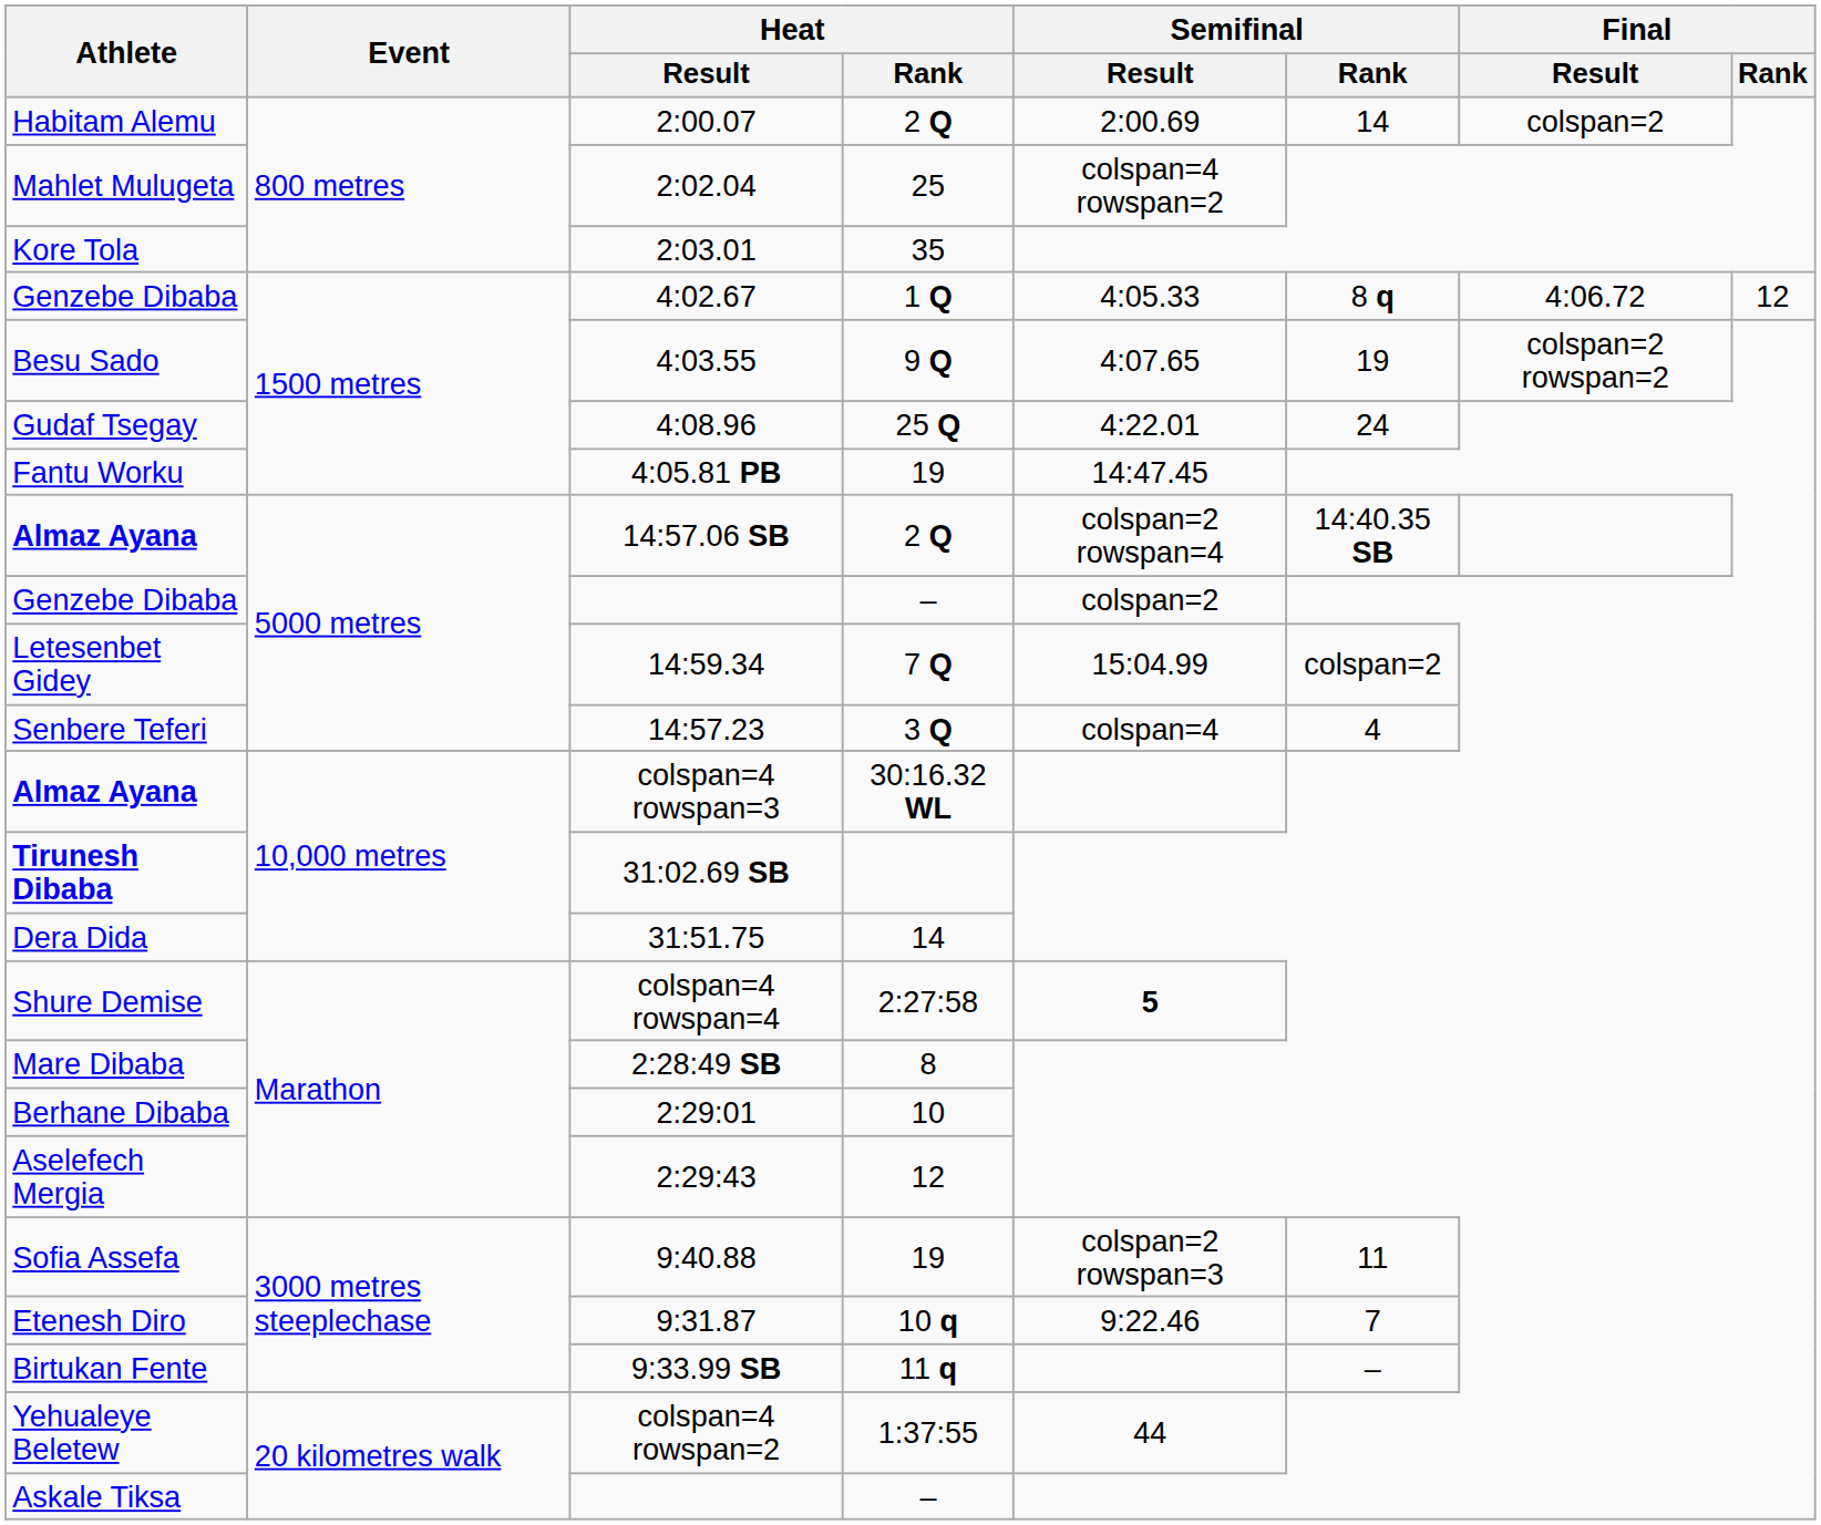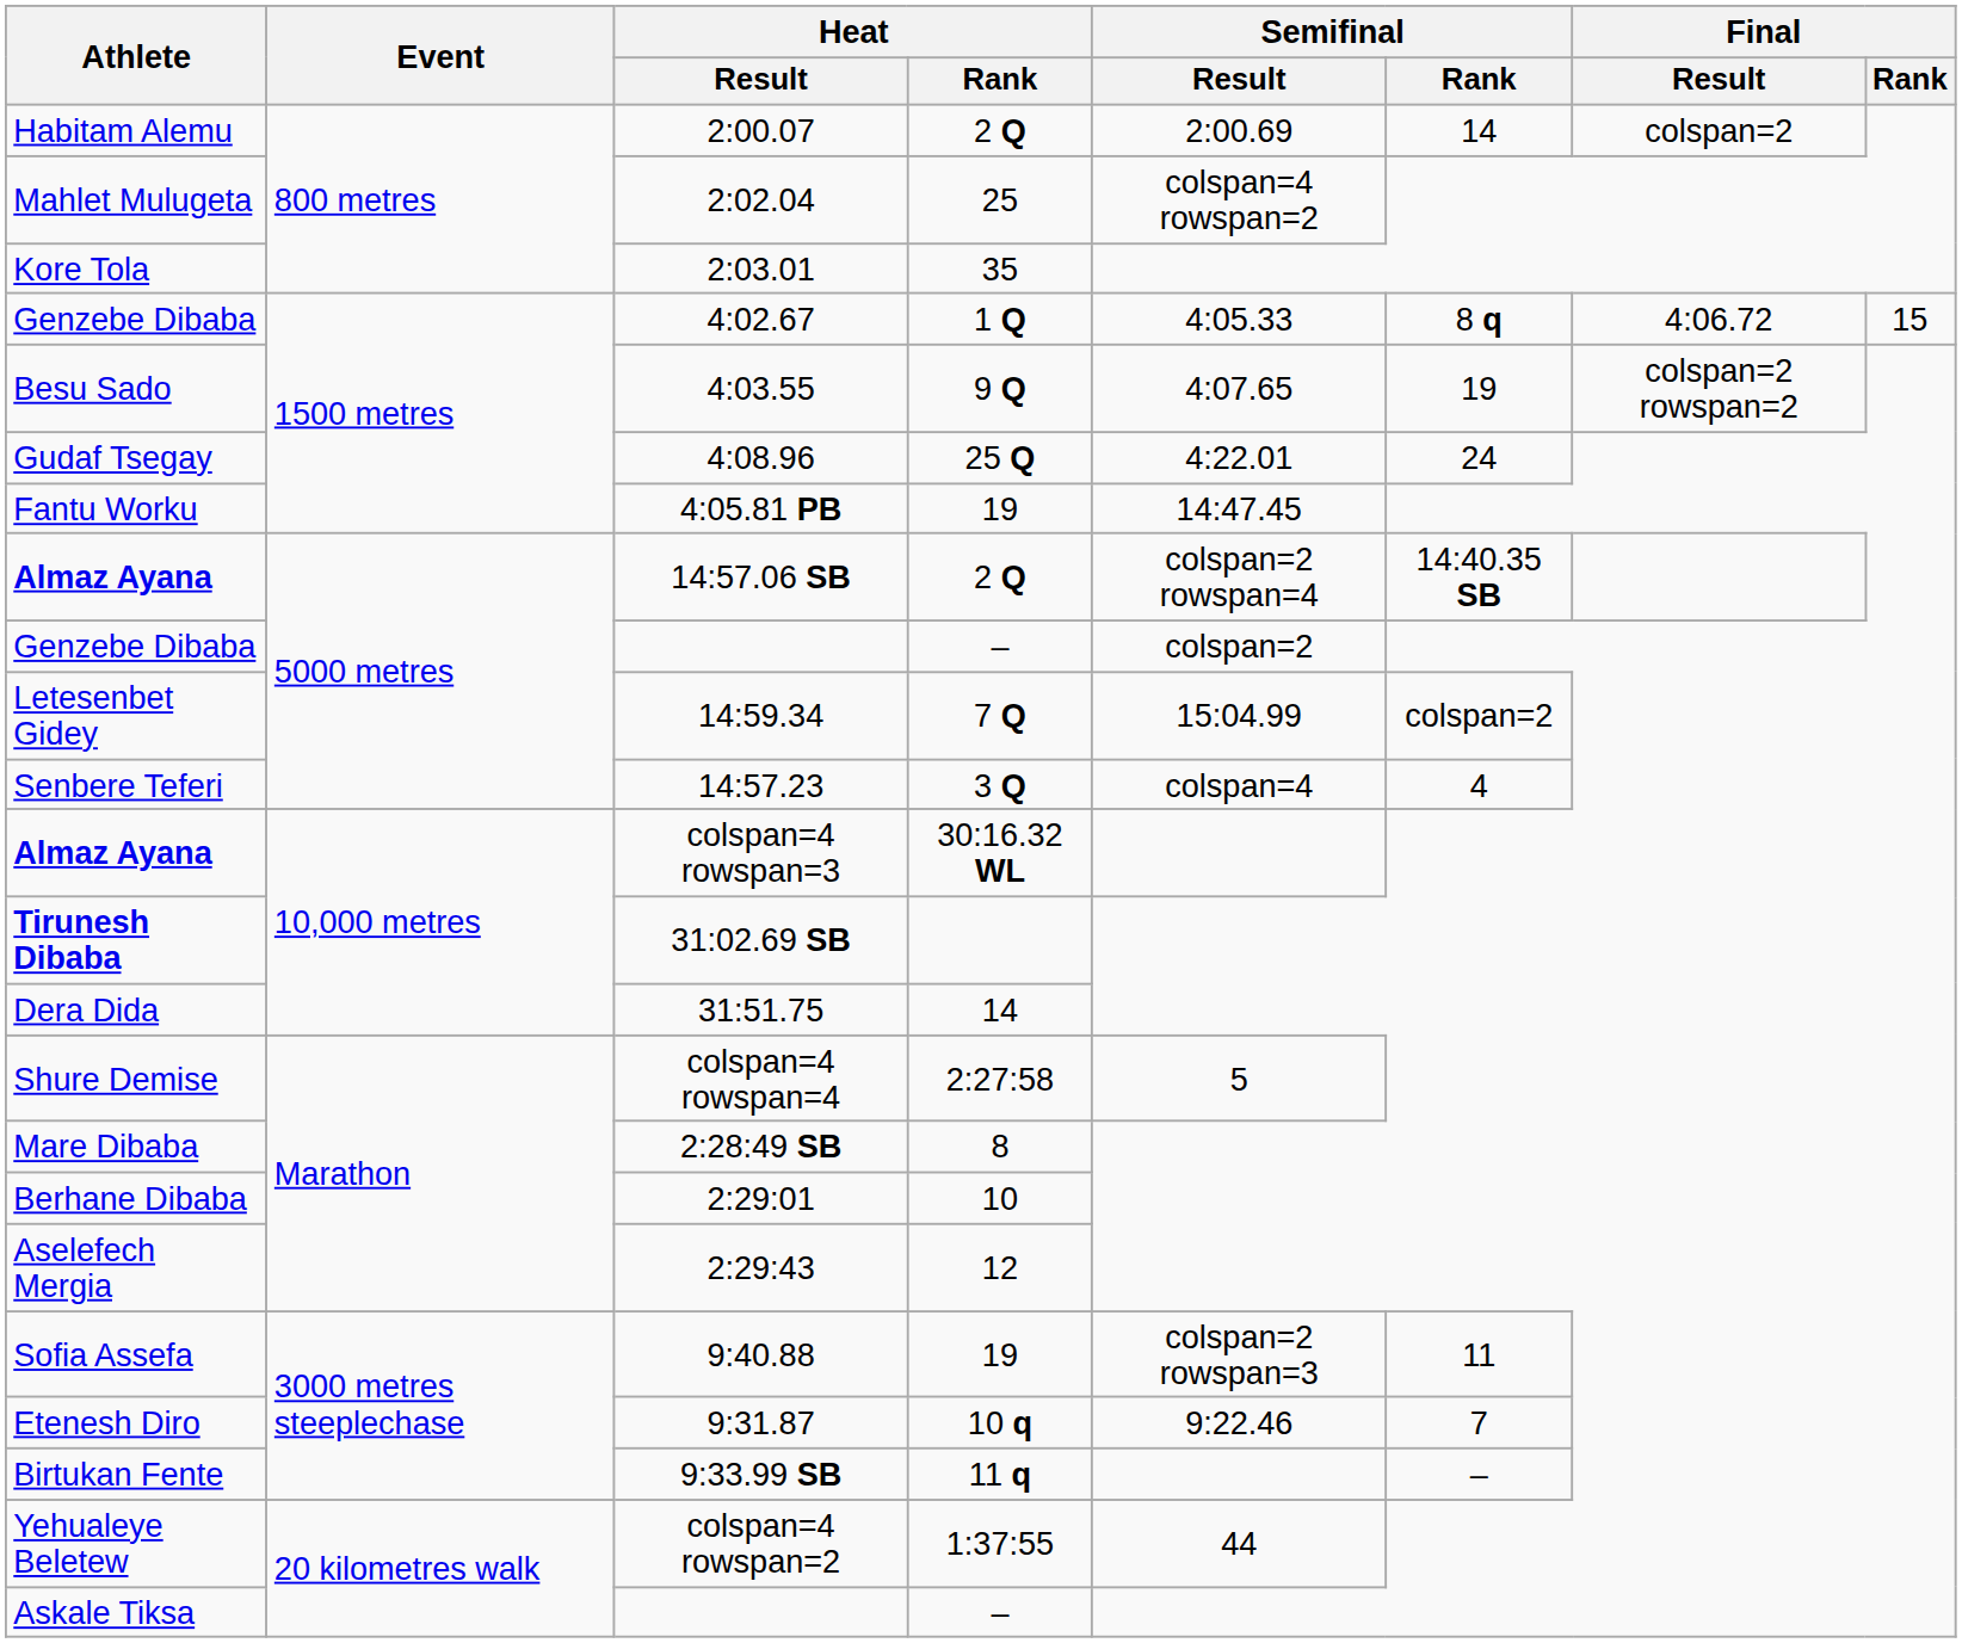 <table class="wikitable" style="font-size:90%">
 <tr>
 <th rowspan="2">Athlete</th>
 <th rowspan="2">Event</th>
 <th colspan="2">Heat</th>
 <th colspan="2">Semifinal</th>
 <th colspan="2">Final</th>
 </tr>
 <tr style="font-size:95%">
 <th>Result</th>
 <th>Rank</th>
 <th>Result</th>
 <th>Rank</th>
 <th>Result</th>
 <th>Rank</th>
 </tr>
 <tr style=text-align:center>
 <td style=text-align:left><a href='#'>Habitam Alemu</a></td>
 <td style=text-align:left rowspan=3><a href='#'>800 metres</a></td>
 <td>2:00.07</td>
 <td>2 <strong>Q</strong></td>
 <td>2:00.69</td>
 <td>14</td>
 <td>colspan=2 </td>
 </tr>
 <tr style=text-align:center>
 <td style=text-align:left><a href='#'>Mahlet Mulugeta</a></td>
 <td>2:02.04</td>
 <td>25</td>
 <td>colspan=4 rowspan=2 </td>
 </tr>
 <tr style=text-align:center>
 <td style=text-align:left><a href='#'>Kore Tola</a></td>
 <td>2:03.01</td>
 <td>35</td>
 </tr>
 <tr style=text-align:center>
 <td style=text-align:left><a href='#'>Genzebe Dibaba</a></td>
 <td style=text-align:left rowspan=4><a href='#'>1500 metres</a></td>
 <td>4:02.67</td>
 <td>1 <strong>Q</strong></td>
 <td>4:05.33</td>
 <td>8 <strong>q</strong></td>
 <td>4:06.72</td>
-<td>12</td>
+<td>15</td>
 </tr>
 <tr style=text-align:center>
 <td style=text-align:left><a href='#'>Besu Sado</a></td>
 <td>4:03.55</td>
 <td>9 <strong>Q</strong></td>
 <td>4:07.65</td>
 <td>19</td>
 <td>colspan=2 rowspan=2 </td>
 </tr>
 <tr style=text-align:center>
 <td style=text-align:left><a href='#'>Gudaf Tsegay</a></td>
 <td>4:08.96</td>
 <td>25 <strong>Q</strong></td>
 <td>4:22.01</td>
 <td>24</td>
 </tr>
 <tr style=text-align:center>
 <td style=text-align:left><a href='#'>Fantu Worku</a></td>
 <td>4:05.81 <strong>PB</strong></td>
 <td>19</td>
 <td>14:47.45</td>
 </tr>
 <tr style=text-align:center>
 <td style=text-align:left><strong><a href='#'>Almaz Ayana</a></strong></td>
 <td style=text-align:left rowspan=4><a href='#'>5000 metres</a></td>
 <td>14:57.06 <strong>SB</strong></td>
 <td>2 <strong>Q</strong></td>
 <td>colspan=2 rowspan=4 </td>
 <td>14:40.35 <strong>SB</strong></td>
 <td></td>
 </tr>
 <tr style=text-align:center>
 <td style=text-align:left><a href='#'>Genzebe Dibaba</a></td>
 <td></td>
 <td>–</td>
 <td>colspan=2 </td>
 </tr>
 <tr style=text-align:center>
 <td style=text-align:left><a href='#'>Letesenbet Gidey</a></td>
 <td>14:59.34</td>
 <td>7 <strong>Q</strong></td>
 <td>15:04.99</td>
 <td>colspan=2 </td>
 </tr>
 <tr style=text-align:center>
 <td style=text-align:left><a href='#'>Senbere Teferi</a></td>
 <td>14:57.23</td>
 <td>3 <strong>Q</strong></td>
 <td>colspan=4 </td>
 <td>4</td>
 </tr>
 <tr style=text-align:center>
 <td style=text-align:left><strong><a href='#'>Almaz Ayana</a></strong></td>
 <td style=text-align:left rowspan=3><a href='#'>10,000 metres</a></td>
 <td>colspan=4 rowspan=3 </td>
 <td>30:16.32 <strong>WL</strong></td>
 <td></td>
 </tr>
 <tr style=text-align:center>
 <td style=text-align:left><strong><a href='#'>Tirunesh Dibaba</a></strong></td>
 <td>31:02.69 <strong>SB</strong></td>
 <td></td>
 </tr>
 <tr style=text-align:center>
 <td style=text-align:left><a href='#'>Dera Dida</a></td>
 <td>31:51.75</td>
 <td>14</td>
 </tr>
 <tr style=text-align:center>
 <td style=text-align:left><a href='#'>Shure Demise</a></td>
 <td style=text-align:left rowspan=4><a href='#'>Marathon</a></td>
 <td>colspan=4 rowspan=4 </td>
 <td>2:27:58</td>
-<td><strong>5</strong></td>
+<td>5</td>
 </tr>
 <tr style=text-align:center>
 <td style=text-align:left><a href='#'>Mare Dibaba</a></td>
 <td>2:28:49 <strong>SB</strong></td>
 <td>8</td>
 </tr>
 <tr style=text-align:center>
 <td style=text-align:left><a href='#'>Berhane Dibaba</a></td>
 <td>2:29:01</td>
 <td>10</td>
 </tr>
 <tr style=text-align:center>
 <td style=text-align:left><a href='#'>Aselefech Mergia</a></td>
 <td>2:29:43</td>
 <td>12</td>
 </tr>
 <tr style=text-align:center>
 <td style=text-align:left><a href='#'>Sofia Assefa</a></td>
 <td style=text-align:left rowspan=3><a href='#'>3000 metres steeplechase</a></td>
 <td>9:40.88</td>
 <td>19</td>
 <td>colspan=2 rowspan=3</td>
 <td>11</td>
 </tr>
 <tr style=text-align:center>
 <td style=text-align:left><a href='#'>Etenesh Diro</a></td>
 <td>9:31.87</td>
 <td>10 <strong>q</strong></td>
 <td>9:22.46</td>
 <td>7</td>
 </tr>
 <tr style=text-align:center>
 <td style=text-align:left><a href='#'>Birtukan Fente</a></td>
 <td>9:33.99 <strong>SB</strong></td>
 <td>11 <strong>q</strong></td>
 <td></td>
 <td>–</td>
 </tr>
 <tr style=text-align:center>
 <td style=text-align:left><a href='#'>Yehualeye Beletew</a></td>
 <td style=text-align:left rowspan=2><a href='#'>20 kilometres walk</a></td>
 <td>colspan=4 rowspan=2 </td>
 <td>1:37:55</td>
 <td>44</td>
 </tr>
 <tr style=text-align:center>
 <td style=text-align:left><a href='#'>Askale Tiksa</a></td>
 <td></td>
 <td>–</td>
 </tr>
 </table>
